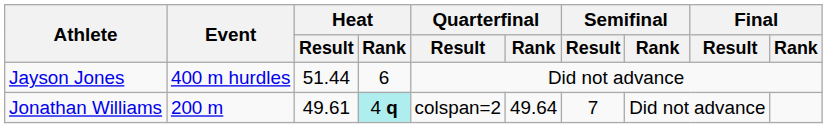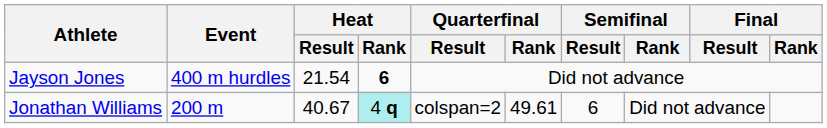 <table class=wikitable style="font-size:90%">
 <tr>
 <th rowspan="2">Athlete</th>
 <th rowspan="2">Event</th>
 <th colspan="2">Heat</th>
 <th colspan="2">Quarterfinal</th>
 <th colspan="2">Semifinal</th>
 <th colspan="2">Final</th>
 </tr>
 <tr style="font-size:95%">
 <th>Result</th>
 <th>Rank</th>
 <th>Result</th>
 <th>Rank</th>
 <th>Result</th>
 <th>Rank</th>
 <th>Result</th>
 <th>Rank</th>
 </tr>
 <tr align=center>
 <td align=left><a href='#'>Jayson Jones</a></td>
 <td align=left><a href='#'>400 m hurdles</a></td>
-<td>51.44</td>
-<td>6</td>
+<td>21.54</td>
+<td><strong>6</strong></td>
 <td colspan=6>Did not advance</td>
 </tr>
 <tr align=center>
 <td align=left><a href='#'>Jonathan Williams</a></td>
 <td align=left><a href='#'>200 m</a></td>
-<td>49.61</td>
+<td>40.67</td>
 <td style="background: paleturquoise;">4 <strong>q</strong></td>
 <td>colspan=2 </td>
-<td>49.64</td>
-<td>7</td>
+<td>49.61</td>
+<td>6</td>
 <td colspan=2>Did not advance</td>
 </tr>
 </table>
